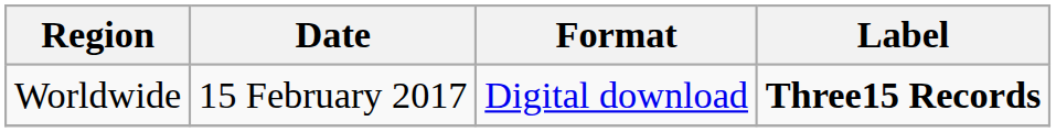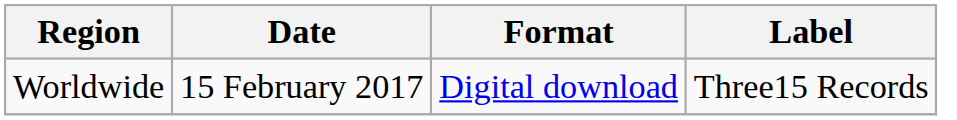 <table class=wikitable>
 <tr>
 <th>Region</th>
 <th>Date</th>
 <th>Format</th>
 <th>Label</th>
 </tr>
 <tr>
 <td>Worldwide</td>
 <td>15 February 2017</td>
 <td><a href='#'>Digital download</a></td>
-<td><strong>Three15 Records</strong></td>
+<td>Three15 Records</td>
 </tr>
 <tr>
 </tr>
 </table>
